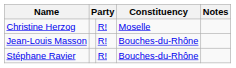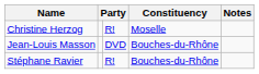 <table class="wikitable" style="font-size:95%;">
 <tr>
 <th>Name</th>
 <th colspan="2">Party</th>
 <th>Constituency</th>
 <th>Notes</th>
 </tr>
 <tr>
 <td><a href='#'>Christine Herzog</a></td>
 <td style="background:"></td>
 <td><a href='#'>R!</a></td>
 <td><a href='#'>Moselle</a></td>
 <td></td>
 </tr>
 <tr>
 <td><a href='#'>Jean-Louis Masson</a></td>
 <td style="background:"></td>
-<td><a href='#'>R!</a></td>
+<td><a href='#'>DVD</a></td>
 <td><a href='#'>Bouches-du-Rhône</a></td>
 <td></td>
 </tr>
 <tr>
 <td><a href='#'>Stéphane Ravier</a></td>
 <td style="background:"></td>
 <td><a href='#'>R!</a></td>
 <td><a href='#'>Bouches-du-Rhône</a></td>
 <td></td>
 </tr>
 </table>
